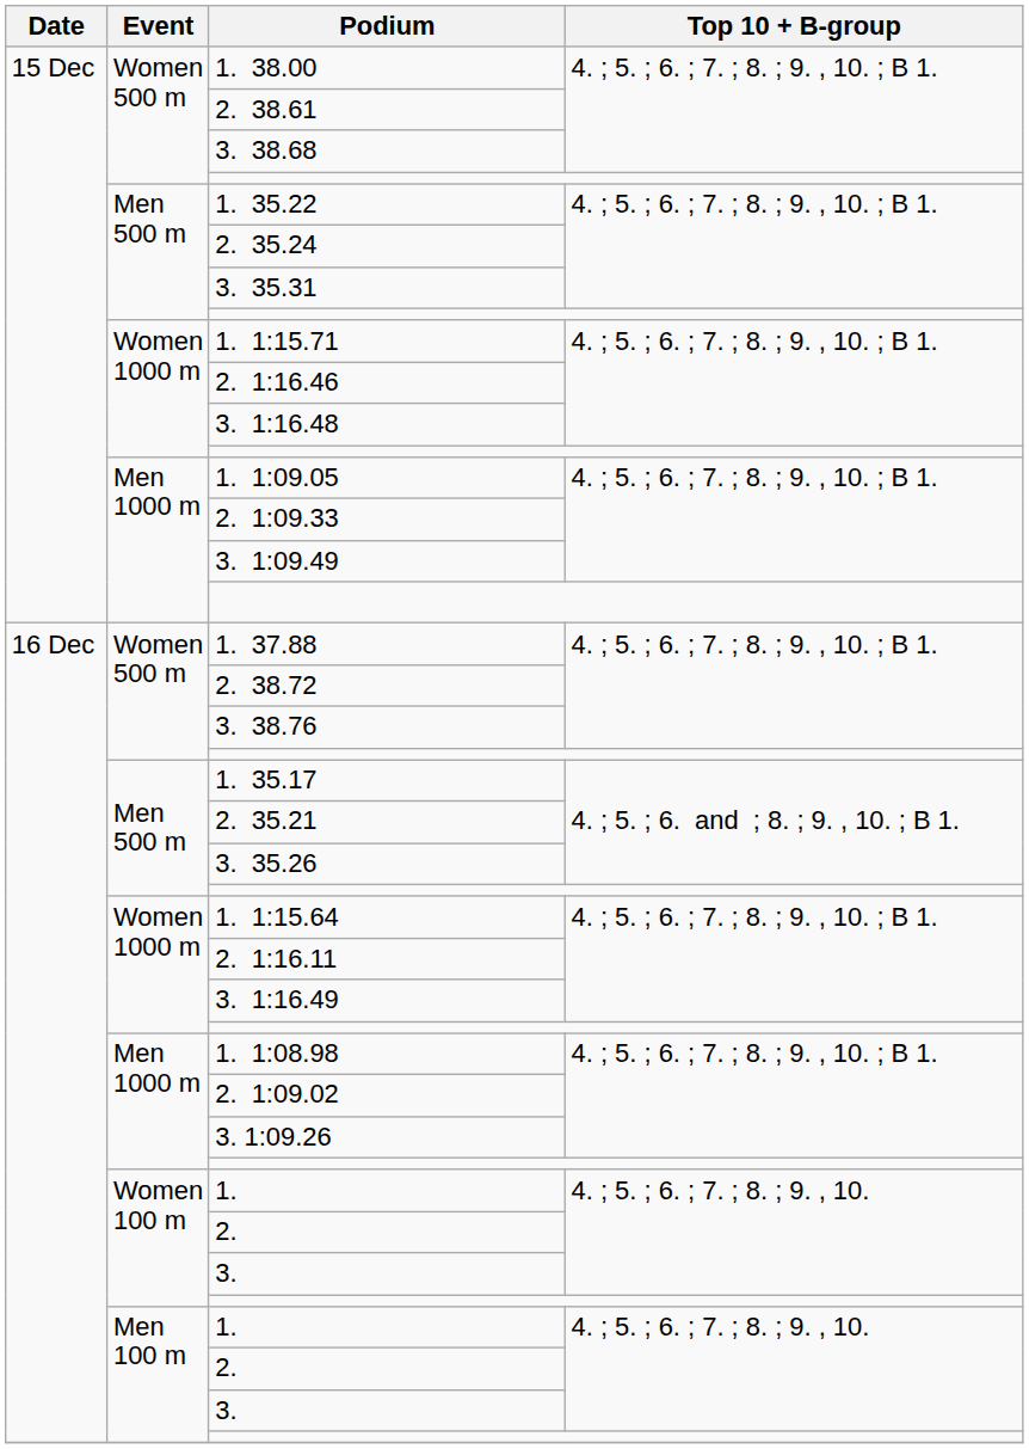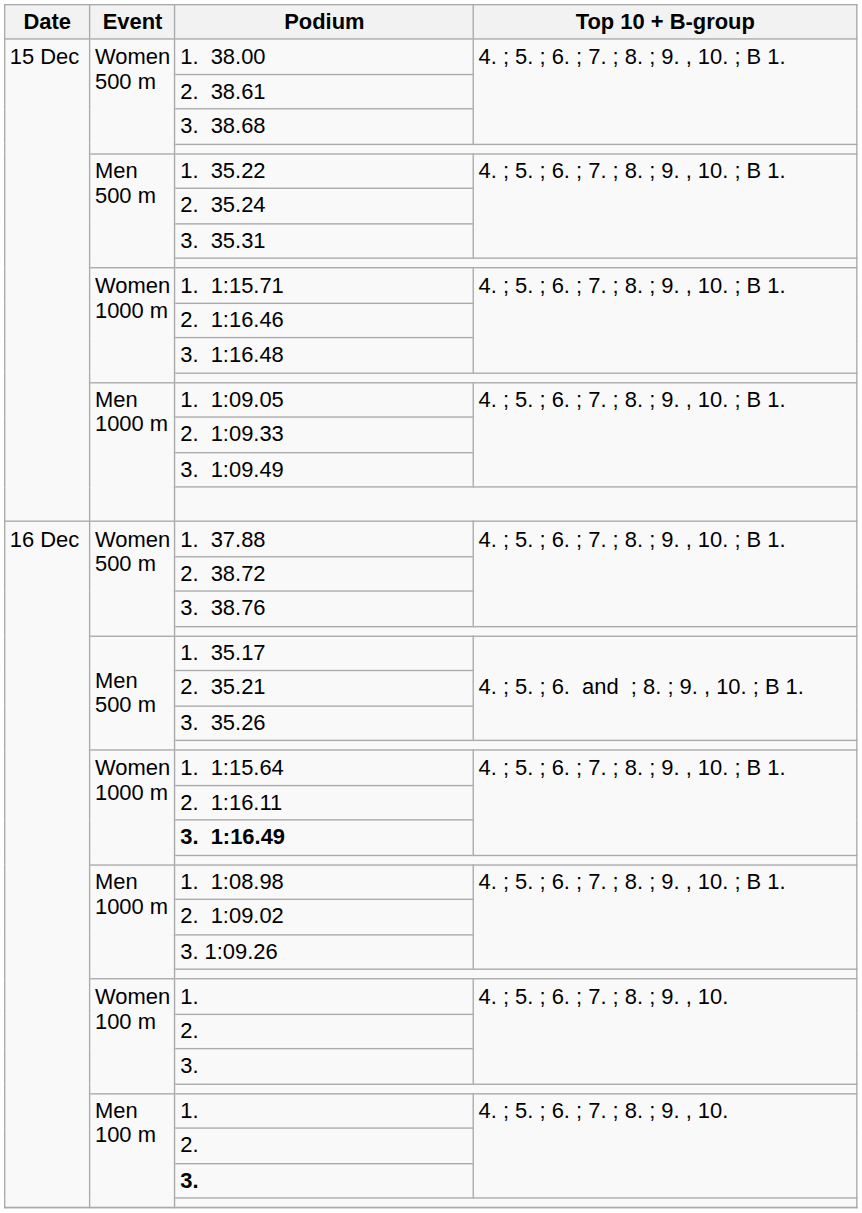 <table class="wikitable">
 <tr>
 <th width="10%">Date</th>
 <th width="10%">Event</th>
 <th width="35%">Podium</th>
 <th width="45%">Top 10 + B-group<br></th>
 </tr>
 <tr valign="top">
 <td rowspan="16">15 Dec</td>
 <td rowspan="4">Women<br>500 m<br></td>
 <td>1.  38.00</td>
 <td rowspan="3">4. ; 5. ; 6. ; 7. ; 8. ; 9. , 10. ; B 1. </td>
 </tr>
 <tr>
 <td>2.  38.61</td>
 </tr>
 <tr>
 <td>3.  38.68</td>
 </tr>
 <tr>
 <td colspan="2"></td>
 </tr>
 <tr valign="top">
 <td rowspan="4">Men<br>500 m<br></td>
 <td>1.  35.22</td>
 <td rowspan="3">4. ; 5. ; 6. ; 7. ; 8. ; 9. , 10. ; B 1. </td>
 </tr>
 <tr>
 <td>2.  35.24</td>
 </tr>
 <tr>
 <td>3.  35.31</td>
 </tr>
 <tr>
 <td colspan="2"></td>
 </tr>
 <tr valign="top">
 <td rowspan="4">Women<br>1000 m<br></td>
 <td>1.  1:15.71</td>
 <td rowspan="3">4. ; 5. ; 6. ; 7. ; 8. ; 9. , 10. ; B 1. </td>
 </tr>
 <tr>
 <td>2.   1:16.46</td>
 </tr>
 <tr>
 <td>3.  1:16.48</td>
 </tr>
 <tr>
 <td colspan="2"></td>
 </tr>
 <tr valign="top">
 <td rowspan="4">Men<br>1000 m<br></td>
 <td>1.  1:09.05</td>
 <td rowspan="3">4. ; 5. ; 6. ; 7. ; 8. ; 9. , 10. ; B 1. </td>
 </tr>
 <tr>
 <td>2.  1:09.33</td>
 </tr>
 <tr>
 <td>3.  1:09.49</td>
 </tr>
 <tr>
 <td colspan="2"><br></td>
 </tr>
 <tr valign="top">
 <td rowspan="24">16 Dec</td>
 <td rowspan="4">Women<br>500 m<br></td>
 <td>1.  37.88</td>
 <td rowspan="3">4. ; 5. ; 6. ; 7. ; 8. ; 9. , 10. ; B 1. </td>
 </tr>
 <tr>
 <td>2.  38.72</td>
 </tr>
 <tr>
 <td>3.  38.76</td>
 </tr>
 <tr>
 <td colspan="2"></td>
 </tr>
 <tr>
 <td rowspan="4">Men<br>500 m<br></td>
 <td>1.   35.17</td>
 <td rowspan="3">4. ; 5. ; 6.   and  ; 8. ; 9. , 10. ; B 1. </td>
 </tr>
 <tr>
 <td>2.  35.21</td>
 </tr>
 <tr>
 <td>3.  35.26</td>
 </tr>
 <tr>
 <td colspan="2"></td>
 </tr>
 <tr valign="top">
 <td rowspan="4">Women<br>1000 m<br></td>
 <td>1.  1:15.64</td>
 <td rowspan="3">4. ; 5. ; 6. ; 7. ; 8. ; 9. , 10. ; B 1. </td>
 </tr>
 <tr>
 <td>2.  1:16.11</td>
 </tr>
 <tr>
-<td>3.  1:16.49</td>
+<td><strong>3.  1:16.49</strong></td>
 </tr>
 <tr>
 <td colspan="2"></td>
 </tr>
 <tr valign="top">
 <td rowspan="4">Men<br>1000 m<br></td>
 <td>1.  1:08.98</td>
 <td rowspan="3">4. ; 5. ; 6. ; 7. ; 8. ; 9. , 10. ; B 1. </td>
 </tr>
 <tr>
 <td>2.  1:09.02</td>
 </tr>
 <tr>
 <td>3. 1:09.26</td>
 </tr>
 <tr>
 <td colspan="2"></td>
 </tr>
 <tr valign="top">
 <td rowspan="4">Women<br>100 m<br></td>
 <td>1. </td>
 <td rowspan="3">4. ; 5. ; 6. ; 7. ; 8. ; 9. , 10. </td>
 </tr>
 <tr>
 <td>2. </td>
 </tr>
 <tr>
 <td>3. </td>
 </tr>
 <tr>
 <td colspan="2"></td>
 </tr>
 <tr valign="top">
 <td rowspan="4">Men<br>100 m<br></td>
 <td>1. </td>
 <td rowspan="3">4. ; 5. ; 6. ; 7. ; 8. ; 9. , 10. </td>
 </tr>
 <tr>
 <td>2. </td>
 </tr>
 <tr>
-<td>3. </td>
+<td><strong>3. </strong></td>
 </tr>
 <tr>
 <td colspan="2"></td>
 </tr>
 <tr>
 </tr>
 </table>
